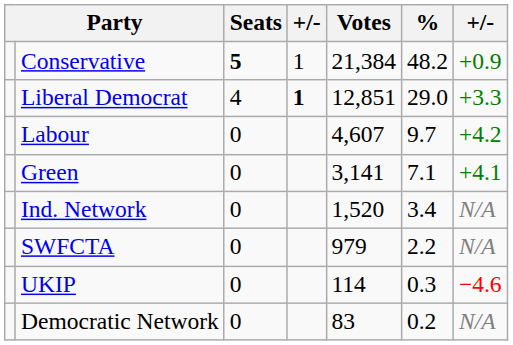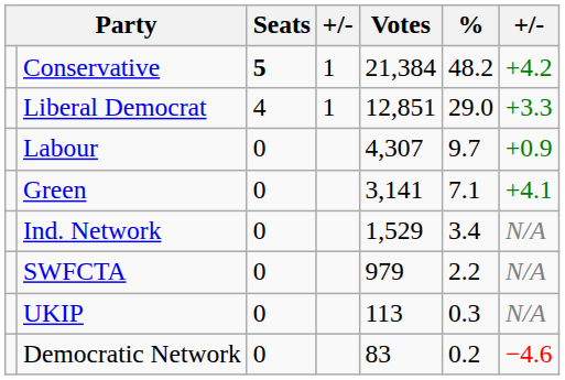 <table class="wikitable sortable">
 <tr>
 <th colspan="2">Party</th>
 <th>Seats</th>
 <th>+/-</th>
 <th>Votes</th>
 <th>%</th>
 <th>+/-</th>
 </tr>
 <tr>
 <td style="background-color: "></td>
 <td><a href='#'>Conservative</a></td>
 <td><strong>5</strong></td>
 <td> 1</td>
 <td>21,384</td>
 <td>48.2</td>
-<td style="color:green">+0.9</td>
+<td style="color:green">+4.2</td>
 </tr>
 <tr>
 <td style="background-color: "></td>
 <td><a href='#'>Liberal Democrat</a></td>
 <td>4</td>
-<td><strong> 1</strong></td>
+<td> 1</td>
 <td>12,851</td>
 <td>29.0</td>
 <td style="color:green">+3.3</td>
 </tr>
 <tr>
 <td style="background-color: "></td>
 <td><a href='#'>Labour</a></td>
 <td>0</td>
 <td></td>
-<td>4,607</td>
+<td>4,307</td>
 <td>9.7</td>
-<td style="color:green">+4.2</td>
+<td style="color:green">+0.9</td>
 </tr>
 <tr>
 <td style="background-color: "></td>
 <td><a href='#'>Green</a></td>
 <td>0</td>
 <td></td>
 <td>3,141</td>
 <td>7.1</td>
 <td style="color:green">+4.1</td>
 </tr>
 <tr>
 <td style="background-color: "></td>
 <td><a href='#'>Ind. Network</a></td>
 <td>0</td>
 <td></td>
-<td>1,520</td>
+<td>1,529</td>
 <td>3.4</td>
 <td style="color:grey"><em>N/A</em></td>
 </tr>
 <tr>
 <td style="background-color: "></td>
 <td><a href='#'>SWFCTA</a></td>
 <td>0</td>
 <td></td>
 <td>979</td>
 <td>2.2</td>
 <td style="color:grey"><em>N/A</em></td>
 </tr>
 <tr>
 <td style="background-color: "></td>
 <td><a href='#'>UKIP</a></td>
 <td>0</td>
 <td></td>
-<td>114</td>
+<td>113</td>
 <td>0.3</td>
-<td style="color:red">−4.6</td>
+<td style="color:grey"><em>N/A</em></td>
 </tr>
 <tr>
 <td style="background-color: "></td>
 <td>Democratic Network</td>
 <td>0</td>
 <td></td>
 <td>83</td>
 <td>0.2</td>
-<td style="color:grey"><em>N/A</em></td>
+<td style="color:red">−4.6</td>
 </tr>
 </table>
